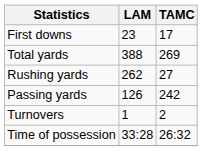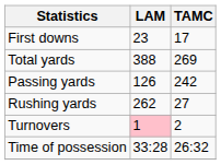 <table class="wikitable" style="float: left;">
 <tr>
 <th>Statistics</th>
 <th>LAM</th>
 <th>TAMC</th>
 </tr>
 <tr>
 <td>First downs</td>
 <td>23</td>
 <td>17</td>
 </tr>
 <tr>
 <td>Total yards</td>
 <td>388</td>
 <td>269</td>
 </tr>
 <tr>
+<td>Passing yards</td>
+<td>126</td>
+<td>242</td>
+</tr>
+<tr>
 <td>Rushing yards</td>
 <td>262</td>
 <td>27</td>
 </tr>
 <tr>
-<td>Passing yards</td>
-<td>126</td>
-<td>242</td>
-</tr>
-<tr>
 <td>Turnovers</td>
-<td>1</td>
+<td style="background: pink;">1</td>
 <td>2</td>
 </tr>
 <tr>
 <td>Time of possession</td>
 <td>33:28</td>
 <td>26:32</td>
 </tr>
 <tr>
 </tr>
 </table>
